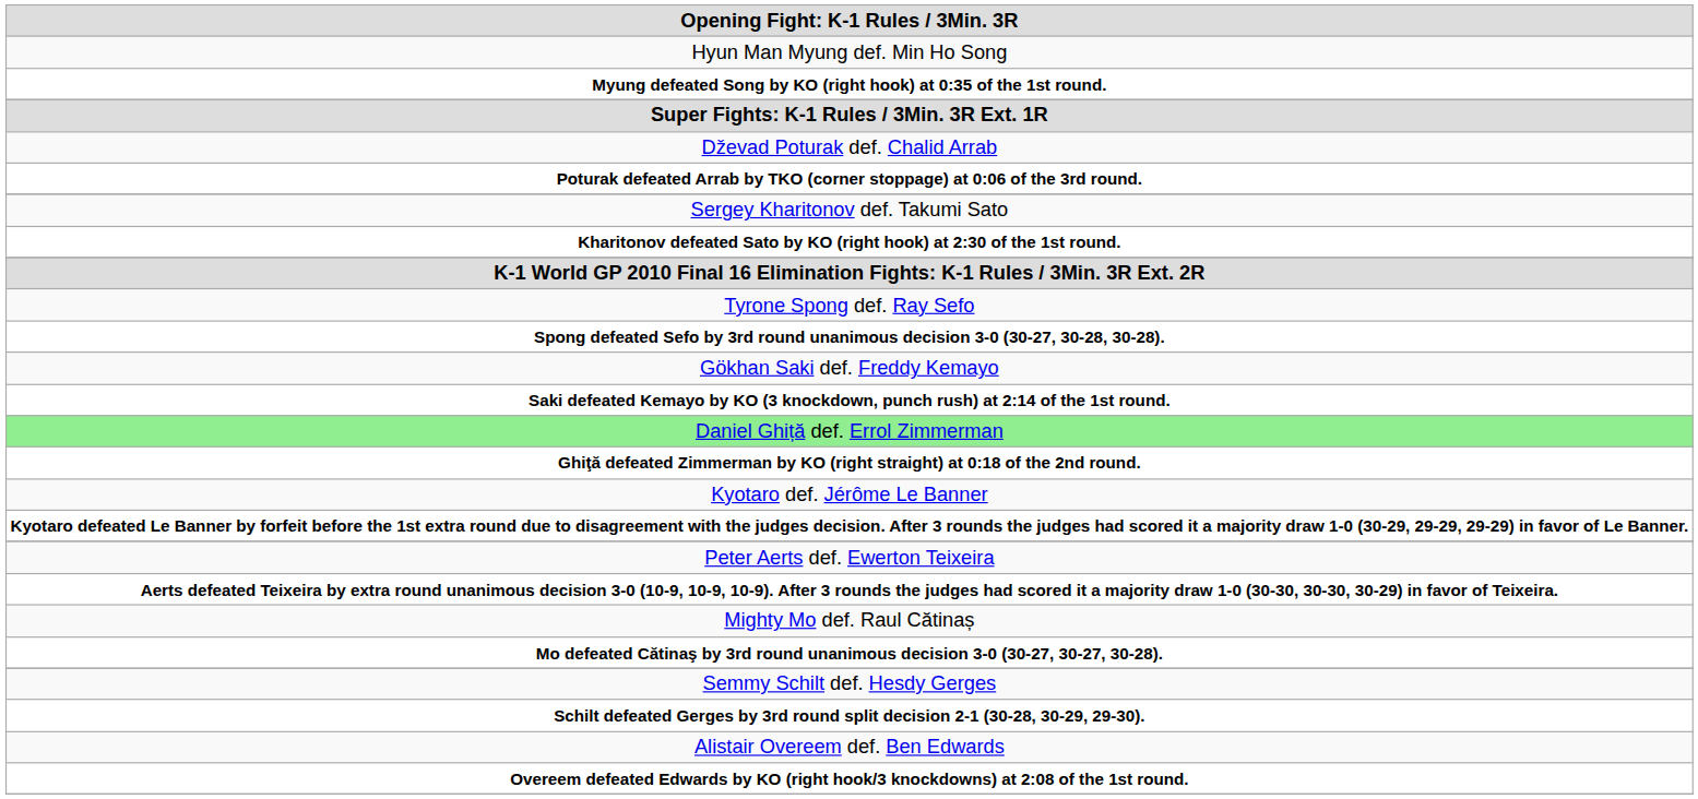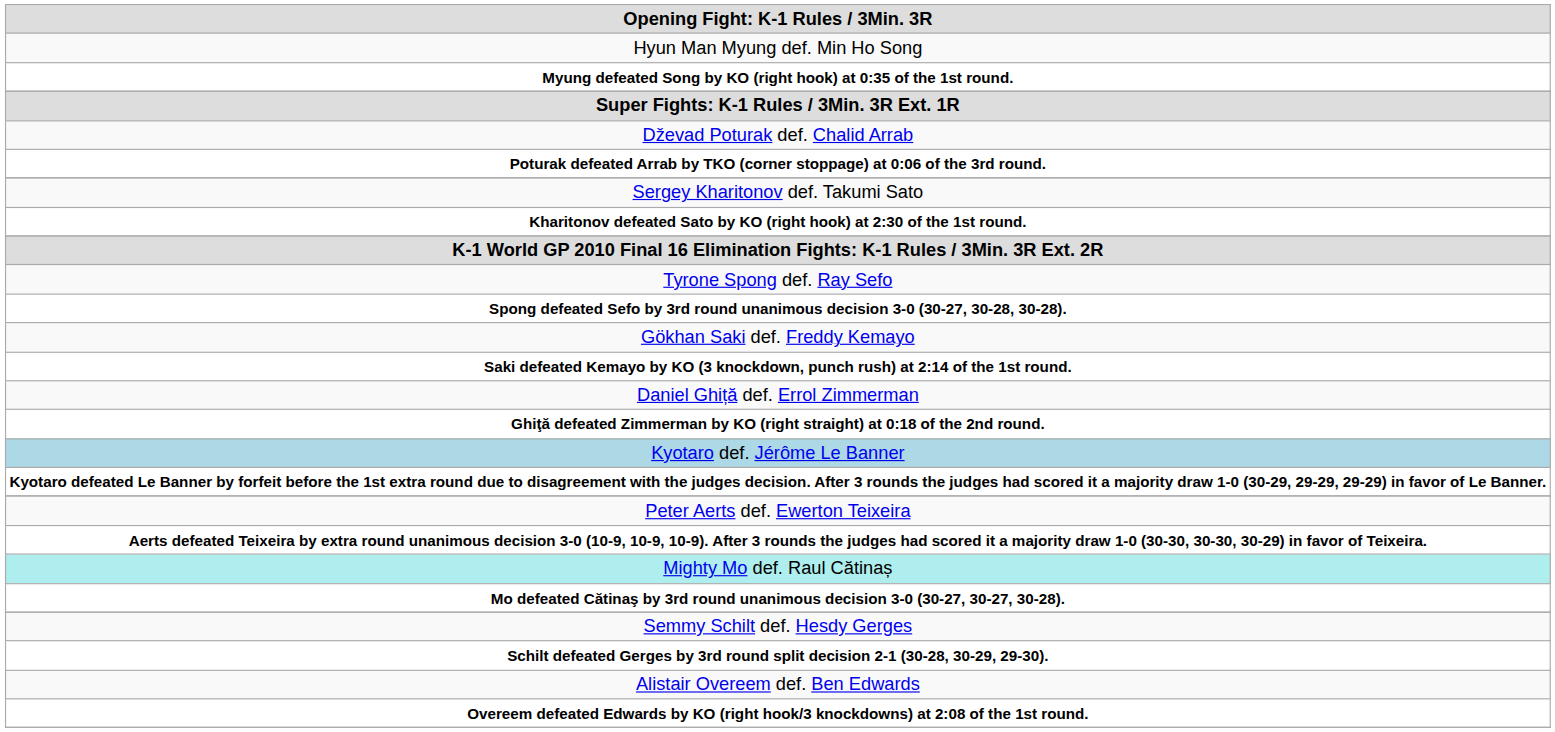 <table class="wikitable" style="clear:both; margin:1.5em auto; text-align:center;">
 <tr align="center"  bgcolor="#dddddd">
 <td><strong>Opening Fight: K-1 Rules / 3Min. 3R</strong></td>
 </tr>
 <tr align="center"  bgcolor=>
 <td align=center> Hyun Man Myung def. Min Ho Song </td>
 </tr>
 <tr>
 <th style=background:white colspan=2><small>Myung defeated Song by KO (right hook) at 0:35 of the 1st round.</small></th>
 </tr>
 <tr>
 </tr>
 <tr align="center"  bgcolor="#dddddd">
 <td><strong>Super Fights: K-1 Rules / 3Min. 3R Ext. 1R</strong></td>
 </tr>
 <tr align="center"  bgcolor=>
 <td align=center> <a href='#'>Dževad Poturak</a> def. <a href='#'>Chalid Arrab</a> </td>
 </tr>
 <tr>
 <th style=background:white colspan=2><small>Poturak defeated Arrab by TKO (corner stoppage) at 0:06 of the 3rd round.</small></th>
 </tr>
 <tr>
 </tr>
 <tr align="center"  bgcolor=>
 <td align=center> <a href='#'>Sergey Kharitonov</a> def. Takumi Sato </td>
 </tr>
 <tr>
 <th style=background:white colspan=2><small>Kharitonov defeated Sato by KO (right hook) at 2:30 of the 1st round.</small></th>
 </tr>
 <tr>
 </tr>
 <tr align="center"  bgcolor="#dddddd">
 <td><strong>K-1 World GP 2010 Final 16 Elimination Fights: K-1 Rules / 3Min. 3R Ext. 2R</strong></td>
 </tr>
 <tr>
 <td align=center> <a href='#'>Tyrone Spong</a> def. <a href='#'>Ray Sefo</a> </td>
 </tr>
 <tr>
 <th style=background:white colspan=2><small>Spong defeated Sefo by 3rd round unanimous decision 3-0 (30-27, 30-28, 30-28).</small></th>
 </tr>
 <tr>
 <td align=center> <a href='#'>Gökhan Saki</a> def. <a href='#'>Freddy Kemayo</a> </td>
 </tr>
 <tr>
 <th style=background:white colspan=2><small>Saki defeated Kemayo by KO (3 knockdown, punch rush) at 2:14 of the 1st round.</small></th>
 </tr>
 <tr>
-<td align=center style="background: lightgreen;"> <a href='#'>Daniel Ghiță</a> def. <a href='#'>Errol Zimmerman</a> </td>
+<td align=center> <a href='#'>Daniel Ghiță</a> def. <a href='#'>Errol Zimmerman</a> </td>
 </tr>
 <tr>
 <th style=background:white colspan=2><small>Ghiţă defeated Zimmerman by KO (right straight) at 0:18 of the 2nd round.</small></th>
 </tr>
 <tr>
-<td align=center> <a href='#'>Kyotaro</a> def. <a href='#'>Jérôme Le Banner</a> </td>
+<td align=center style="background: lightblue;"> <a href='#'>Kyotaro</a> def. <a href='#'>Jérôme Le Banner</a> </td>
 </tr>
 <tr>
 <th style=background:white colspan=2><small>Kyotaro defeated Le Banner by forfeit before the 1st extra round due to disagreement with the judges decision. After 3 rounds the judges had scored it a majority draw 1-0 (30-29, 29-29, 29-29) in favor of Le Banner.</small></th>
 </tr>
 <tr>
 </tr>
 <tr align="center"  bgcolor=>
 <td align=center> <a href='#'>Peter Aerts</a> def. <a href='#'>Ewerton Teixeira</a> </td>
 </tr>
 <tr>
 <th style=background:white colspan=2><small>Aerts defeated Teixeira by extra round unanimous decision 3-0 (10-9, 10-9, 10-9).  After 3 rounds the judges had scored it a majority draw 1-0 (30-30, 30-30, 30-29) in favor of Teixeira.</small></th>
 </tr>
 <tr>
-<td align=center> <a href='#'>Mighty Mo</a> def. Raul Cătinaș </td>
+<td align=center style="background: paleturquoise;"> <a href='#'>Mighty Mo</a> def. Raul Cătinaș </td>
 </tr>
 <tr>
 <th style=background:white colspan=2><small>Mo defeated Cătinaş by 3rd round unanimous decision 3-0 (30-27, 30-27, 30-28).</small></th>
 </tr>
 <tr>
 </tr>
 <tr align="center"  bgcolor=>
 <td align=center> <a href='#'>Semmy Schilt</a> def. <a href='#'>Hesdy Gerges</a> </td>
 </tr>
 <tr>
 <th style=background:white colspan=2><small>Schilt defeated Gerges by 3rd round split decision 2-1 (30-28, 30-29, 29-30).</small></th>
 </tr>
 <tr>
 <td align=center> <a href='#'>Alistair Overeem</a> def. <a href='#'>Ben Edwards</a> </td>
 </tr>
 <tr>
 <th style=background:white colspan=2><small>Overeem defeated Edwards by KO (right hook/3 knockdowns) at 2:08 of the 1st round.</small></th>
 </tr>
 <tr>
 </tr>
 </table>
